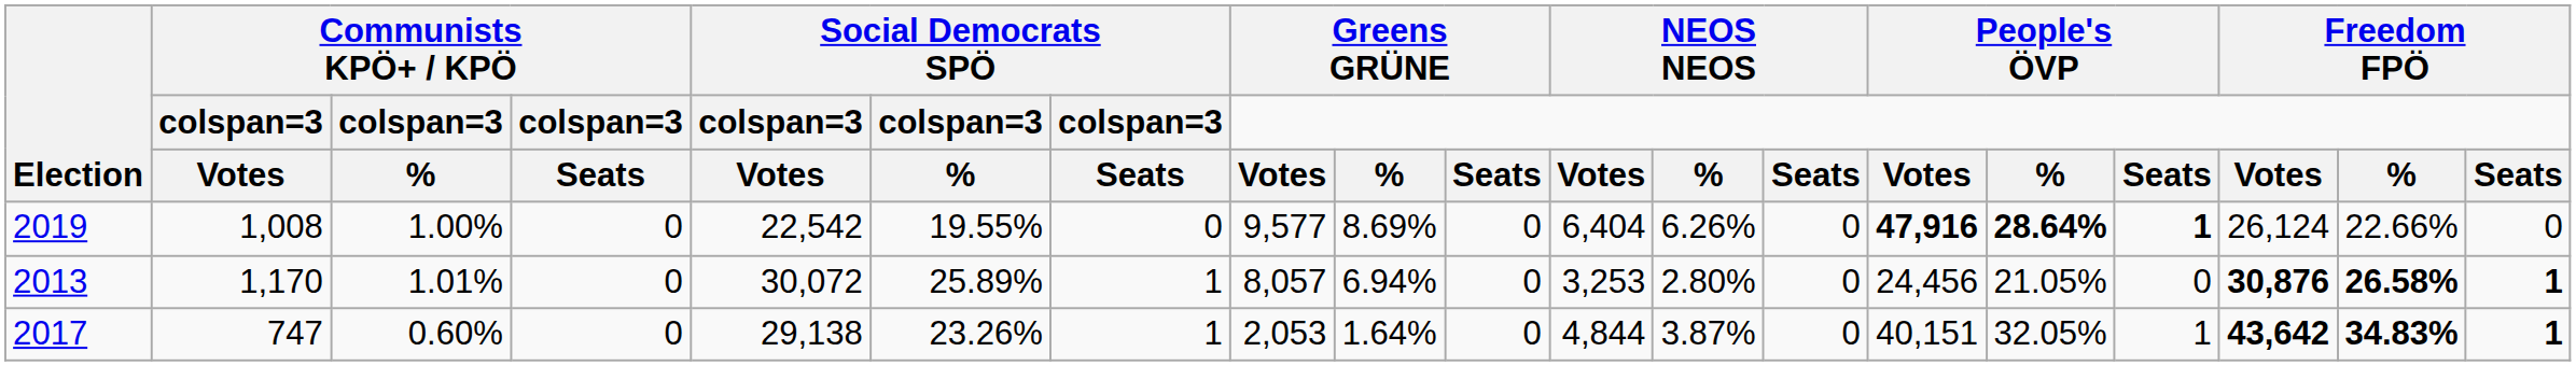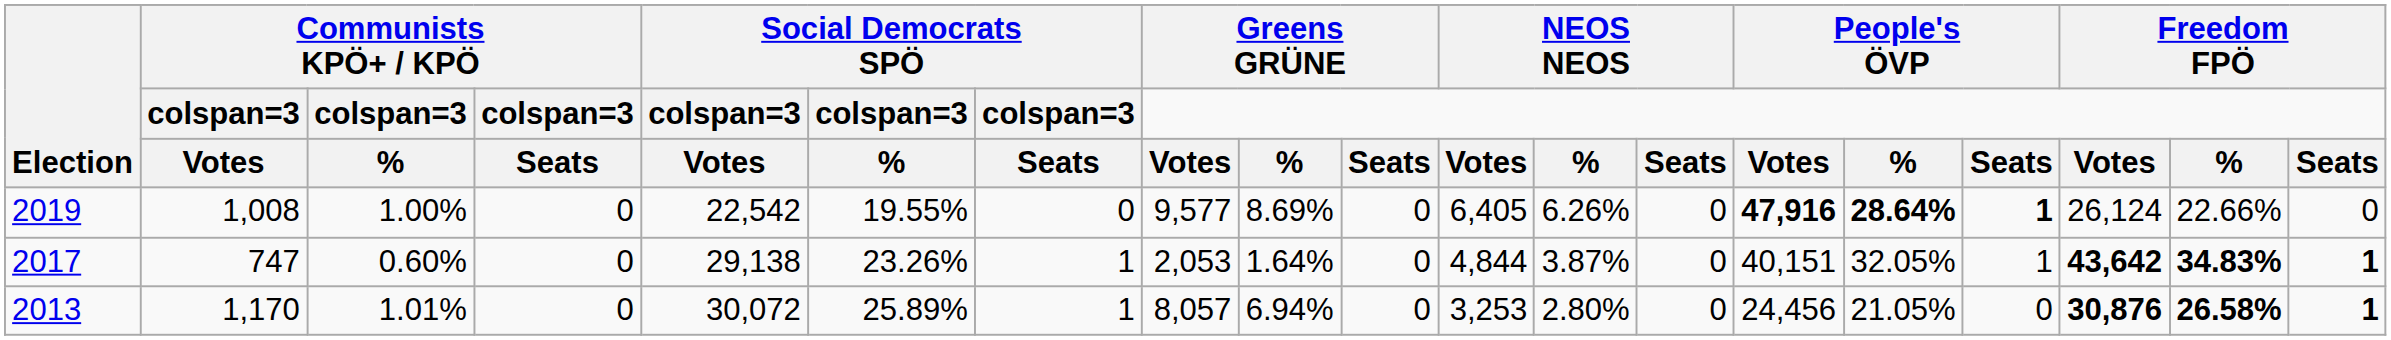 <table class="wikitable" border="1" style="font-size:100%; text-align:right;">
 <tr>
 <th style="text-align:left;" valign=bottom rowspan=3>Election</th>
 <th valign=bottom colspan=3><a href='#'>Communists</a><br>KPÖ+ / KPÖ</th>
 <th valign=bottom colspan=3><a href='#'>Social Democrats</a><br>SPÖ</th>
 <th valign=bottom colspan=3><a href='#'>Greens</a><br>GRÜNE</th>
 <th valign=bottom colspan=3><a href='#'>NEOS</a><br>NEOS</th>
 <th valign=bottom colspan=3><a href='#'>People's</a><br>ÖVP</th>
 <th valign=bottom colspan=3><a href='#'>Freedom</a><br>FPÖ</th>
 </tr>
 <tr>
 <th>colspan=3 </th>
 <th>colspan=3 </th>
 <th>colspan=3 </th>
 <th>colspan=3 </th>
 <th>colspan=3 </th>
 <th>colspan=3 </th>
 </tr>
 <tr>
 <th>Votes</th>
 <th>%</th>
 <th>Seats</th>
 <th>Votes</th>
 <th>%</th>
 <th>Seats</th>
 <th>Votes</th>
 <th>%</th>
 <th>Seats</th>
 <th>Votes</th>
 <th>%</th>
 <th>Seats</th>
 <th>Votes</th>
 <th>%</th>
 <th>Seats</th>
 <th>Votes</th>
 <th>%</th>
 <th>Seats</th>
 </tr>
 <tr>
 <td align=left><a href='#'>2019</a></td>
 <td>1,008</td>
 <td>1.00%</td>
 <td>0</td>
 <td>22,542</td>
 <td>19.55%</td>
 <td>0</td>
 <td>9,577</td>
 <td>8.69%</td>
 <td>0</td>
-<td>6,404</td>
+<td>6,405</td>
 <td>6.26%</td>
 <td>0</td>
 <td><strong>47,916</strong></td>
 <td><strong>28.64%</strong></td>
 <td><strong>1</strong></td>
 <td>26,124</td>
 <td>22.66%</td>
 <td>0</td>
+</tr>
+<tr>
+<td align=left><a href='#'>2017</a></td>
+<td>747</td>
+<td>0.60%</td>
+<td>0</td>
+<td>29,138</td>
+<td>23.26%</td>
+<td>1</td>
+<td>2,053</td>
+<td>1.64%</td>
+<td>0</td>
+<td>4,844</td>
+<td>3.87%</td>
+<td>0</td>
+<td>40,151</td>
+<td>32.05%</td>
+<td>1</td>
+<td><strong>43,642</strong></td>
+<td><strong>34.83%</strong></td>
+<td><strong>1</strong></td>
 </tr>
 <tr>
 <td align=left><a href='#'>2013</a></td>
 <td>1,170</td>
 <td>1.01%</td>
 <td>0</td>
 <td>30,072</td>
 <td>25.89%</td>
 <td>1</td>
 <td>8,057</td>
 <td>6.94%</td>
 <td>0</td>
 <td>3,253</td>
 <td>2.80%</td>
 <td>0</td>
 <td>24,456</td>
 <td>21.05%</td>
 <td>0</td>
 <td><strong>30,876</strong></td>
 <td><strong>26.58%</strong></td>
 <td><strong>1</strong></td>
 </tr>
-<tr>
-<td align=left><a href='#'>2017</a></td>
-<td>747</td>
-<td>0.60%</td>
-<td>0</td>
-<td>29,138</td>
-<td>23.26%</td>
-<td>1</td>
-<td>2,053</td>
-<td>1.64%</td>
-<td>0</td>
-<td>4,844</td>
-<td>3.87%</td>
-<td>0</td>
-<td>40,151</td>
-<td>32.05%</td>
-<td>1</td>
-<td><strong>43,642</strong></td>
-<td><strong>34.83%</strong></td>
-<td><strong>1</strong></td>
-</tr>
 </table>
